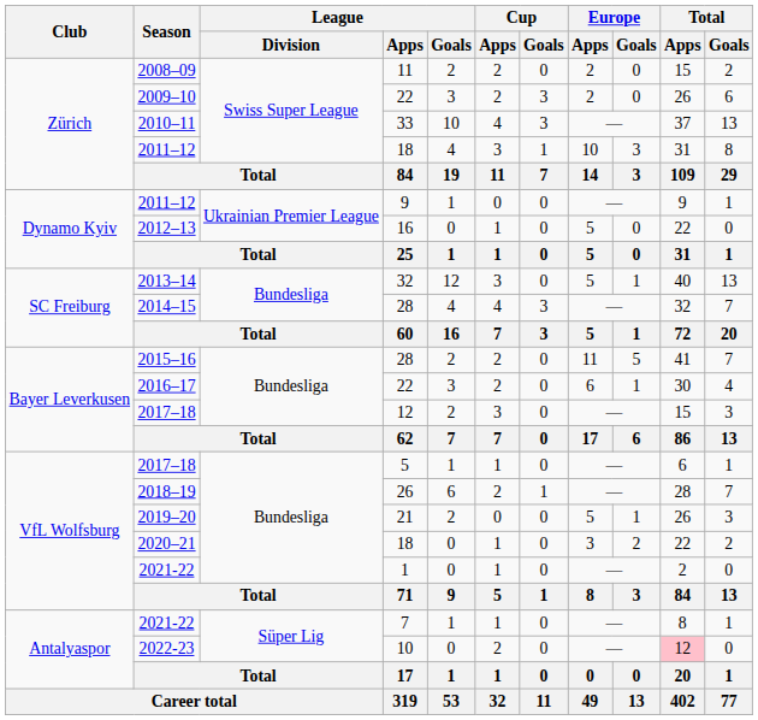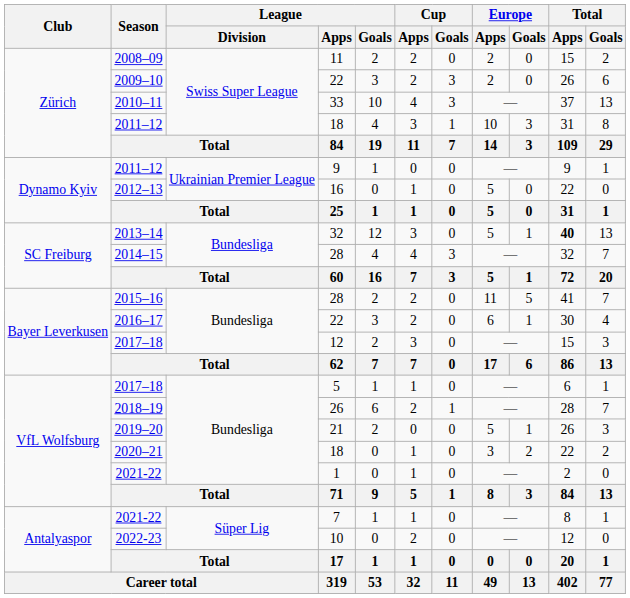 <table class="wikitable" style="text-align:center">
 <tr>
 <th rowspan="2">Club</th>
 <th rowspan="2">Season</th>
 <th colspan="3">League</th>
 <th colspan="2">Cup</th>
 <th colspan="2"><a href='#'>Europe</a></th>
 <th colspan="2">Total</th>
 </tr>
 <tr>
 <th>Division</th>
 <th>Apps</th>
 <th>Goals</th>
 <th>Apps</th>
 <th>Goals</th>
 <th>Apps</th>
 <th>Goals</th>
 <th>Apps</th>
 <th>Goals</th>
 </tr>
 <tr>
 <td rowspan="5"><a href='#'>Zürich</a></td>
 <td><a href='#'>2008–09</a></td>
 <td rowspan="4"><a href='#'>Swiss Super League</a></td>
 <td>11</td>
 <td>2</td>
 <td>2</td>
 <td>0</td>
 <td>2</td>
 <td>0</td>
 <td>15</td>
 <td>2</td>
 </tr>
 <tr>
 <td><a href='#'>2009–10</a></td>
 <td>22</td>
 <td>3</td>
 <td>2</td>
 <td>3</td>
 <td>2</td>
 <td>0</td>
 <td>26</td>
 <td>6</td>
 </tr>
 <tr>
 <td><a href='#'>2010–11</a></td>
 <td>33</td>
 <td>10</td>
 <td>4</td>
 <td>3</td>
 <td colspan="2">—</td>
 <td>37</td>
 <td>13</td>
 </tr>
 <tr>
 <td><a href='#'>2011–12</a></td>
 <td>18</td>
 <td>4</td>
 <td>3</td>
 <td>1</td>
 <td>10</td>
 <td>3</td>
 <td>31</td>
 <td>8</td>
 </tr>
 <tr>
 <th colspan="2">Total</th>
 <th>84</th>
 <th>19</th>
 <th>11</th>
 <th>7</th>
 <th>14</th>
 <th>3</th>
 <th>109</th>
 <th>29</th>
 </tr>
 <tr>
 <td rowspan="3"><a href='#'>Dynamo Kyiv</a></td>
 <td><a href='#'>2011–12</a></td>
 <td rowspan="2"><a href='#'>Ukrainian Premier League</a></td>
 <td>9</td>
 <td>1</td>
 <td>0</td>
 <td>0</td>
 <td colspan="2">—</td>
 <td>9</td>
 <td>1</td>
 </tr>
 <tr>
 <td><a href='#'>2012–13</a></td>
 <td>16</td>
 <td>0</td>
 <td>1</td>
 <td>0</td>
 <td>5</td>
 <td>0</td>
 <td>22</td>
 <td>0</td>
 </tr>
 <tr>
 <th colspan="2">Total</th>
 <th>25</th>
 <th>1</th>
 <th>1</th>
 <th>0</th>
 <th>5</th>
 <th>0</th>
 <th>31</th>
 <th>1</th>
 </tr>
 <tr>
 <td rowspan="3"><a href='#'>SC Freiburg</a></td>
 <td><a href='#'>2013–14</a></td>
 <td rowspan="2"><a href='#'>Bundesliga</a></td>
 <td>32</td>
 <td>12</td>
 <td>3</td>
 <td>0</td>
 <td>5</td>
 <td>1</td>
-<td>40</td>
+<td><strong>40</strong></td>
 <td>13</td>
 </tr>
 <tr>
 <td><a href='#'>2014–15</a></td>
 <td>28</td>
 <td>4</td>
 <td>4</td>
 <td>3</td>
 <td colspan="2">—</td>
 <td>32</td>
 <td>7</td>
 </tr>
 <tr>
 <th colspan="2">Total</th>
 <th>60</th>
 <th>16</th>
 <th>7</th>
 <th>3</th>
 <th>5</th>
 <th>1</th>
 <th>72</th>
 <th>20</th>
 </tr>
 <tr>
 <td rowspan="4"><a href='#'>Bayer Leverkusen</a></td>
 <td><a href='#'>2015–16</a></td>
 <td rowspan="3">Bundesliga</td>
 <td>28</td>
 <td>2</td>
 <td>2</td>
 <td>0</td>
 <td>11</td>
 <td>5</td>
 <td>41</td>
 <td>7</td>
 </tr>
 <tr>
 <td><a href='#'>2016–17</a></td>
 <td>22</td>
 <td>3</td>
 <td>2</td>
 <td>0</td>
 <td>6</td>
 <td>1</td>
 <td>30</td>
 <td>4</td>
 </tr>
 <tr>
 <td><a href='#'>2017–18</a></td>
 <td>12</td>
 <td>2</td>
 <td>3</td>
 <td>0</td>
 <td colspan="2">—</td>
 <td>15</td>
 <td>3</td>
 </tr>
 <tr>
 <th colspan="2">Total</th>
 <th>62</th>
 <th>7</th>
 <th>7</th>
 <th>0</th>
 <th>17</th>
 <th>6</th>
 <th>86</th>
 <th>13</th>
 </tr>
 <tr>
 <td rowspan="6"><a href='#'>VfL Wolfsburg</a></td>
 <td><a href='#'>2017–18</a></td>
 <td rowspan="5">Bundesliga</td>
 <td>5</td>
 <td>1</td>
 <td>1</td>
 <td>0</td>
 <td colspan="2">—</td>
 <td>6</td>
 <td>1</td>
 </tr>
 <tr>
 <td><a href='#'>2018–19</a></td>
 <td>26</td>
 <td>6</td>
 <td>2</td>
 <td>1</td>
 <td colspan="2">—</td>
 <td>28</td>
 <td>7</td>
 </tr>
 <tr>
 <td><a href='#'>2019–20</a></td>
 <td>21</td>
 <td>2</td>
 <td>0</td>
 <td>0</td>
 <td>5</td>
 <td>1</td>
 <td>26</td>
 <td>3</td>
 </tr>
 <tr>
 <td><a href='#'>2020–21</a></td>
 <td>18</td>
 <td>0</td>
 <td>1</td>
 <td>0</td>
 <td>3</td>
 <td>2</td>
 <td>22</td>
 <td>2</td>
 </tr>
 <tr>
 <td><a href='#'>2021-22</a></td>
 <td>1</td>
 <td>0</td>
 <td>1</td>
 <td>0</td>
 <td colspan="2">—</td>
 <td>2</td>
 <td>0</td>
 </tr>
 <tr>
 <th colspan="2">Total</th>
 <th>71</th>
 <th>9</th>
 <th>5</th>
 <th>1</th>
 <th>8</th>
 <th>3</th>
 <th>84</th>
 <th>13</th>
 </tr>
 <tr>
 <td rowspan="3"><a href='#'>Antalyaspor</a></td>
 <td><a href='#'>2021-22</a></td>
 <td rowspan="2"><a href='#'>Süper Lig</a></td>
 <td>7</td>
 <td>1</td>
 <td>1</td>
 <td>0</td>
 <td colspan="2">—</td>
 <td>8</td>
 <td>1</td>
 </tr>
 <tr>
 <td><a href='#'>2022-23</a></td>
 <td>10</td>
 <td>0</td>
 <td>2</td>
 <td>0</td>
 <td colspan="2">—</td>
-<td style="background: pink;">12</td>
+<td>12</td>
 <td>0</td>
 </tr>
 <tr>
 <th colspan="2">Total</th>
 <th>17</th>
 <th>1</th>
 <th>1</th>
 <th>0</th>
 <th>0</th>
 <th>0</th>
 <th>20</th>
 <th>1</th>
 </tr>
 <tr>
 <th colspan="3">Career total</th>
 <th>319</th>
 <th>53</th>
 <th>32</th>
 <th>11</th>
 <th>49</th>
 <th>13</th>
 <th>402</th>
 <th>77</th>
 </tr>
 </table>
